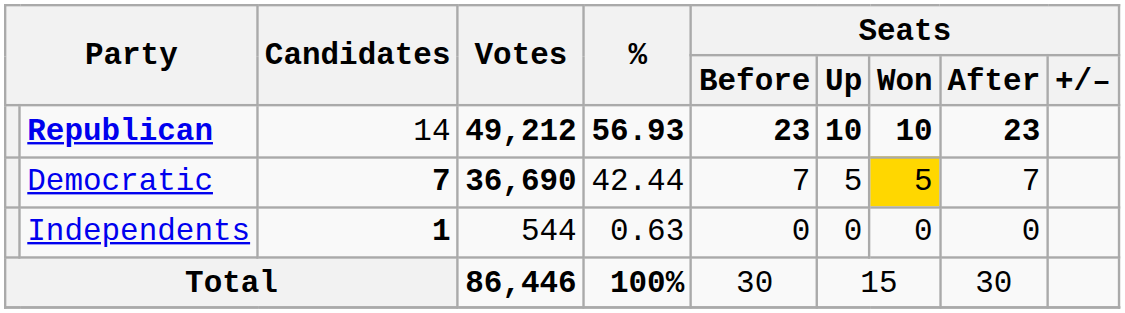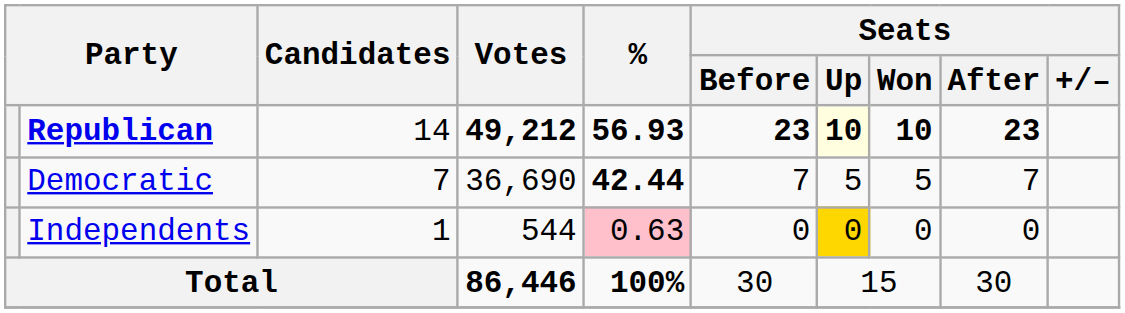 <table class="wikitable">
 <tr>
 <th rowspan="2" colspan="2">Party</th>
 <th rowspan="2">Candidates</th>
 <th rowspan="2">Votes</th>
 <th rowspan="2">%</th>
 <th colspan="5">Seats</th>
 </tr>
 <tr>
 <th>Before<br></th>
 <th>Up</th>
 <th>Won</th>
 <th>After<br></th>
 <th>+/–</th>
 </tr>
 <tr>
 <th style="background-color:"></th>
 <td><strong><a href='#'>Republican</a></strong></td>
 <td align="right">14</td>
 <td align="right"><strong>49,212</strong></td>
 <td align="right"><strong>56.93</strong></td>
 <td align="right"><strong>23</strong></td>
-<td align="right"><strong>10</strong></td>
+<td align="right" style="background: lightyellow;"><strong>10</strong></td>
 <td align="right"><strong>10</strong></td>
 <td align="right"><strong>23</strong></td>
 <td align="right"></td>
 </tr>
 <tr>
 <th style="background-color:"></th>
 <td><a href='#'>Democratic</a></td>
-<td align="right"><strong>7</strong></td>
-<td align="right"><strong>36,690</strong></td>
-<td align="right">42.44</td>
+<td align="right">7</td>
+<td align="right">36,690</td>
+<td align="right"><strong>42.44</strong></td>
 <td align="right">7</td>
 <td align="right">5</td>
-<td align="right" style="background: gold;">5</td>
+<td align="right">5</td>
 <td align="right">7</td>
 <td align="right"></td>
 </tr>
 <tr>
 <th style="background-color:"></th>
 <td><a href='#'>Independents</a></td>
-<td align="right"><strong>1</strong></td>
+<td align="right">1</td>
 <td align="right">544</td>
-<td align="right">0.63</td>
+<td align="right" style="background: pink;">0.63</td>
 <td align="right">0</td>
-<td align="right">0</td>
+<td align="right" style="background: gold;">0</td>
 <td align="right">0</td>
 <td align="right">0</td>
 <td align="right"></td>
 </tr>
 <tr>
 <th colspan="3">Total</th>
 <td align="right"><strong>86,446</strong></td>
 <td align="right"><strong>100%</strong></td>
 <td align="center">30</td>
 <td colspan="2" align="center">15</td>
 <td align="center">30</td>
 <td align="right"></td>
 </tr>
 <tr>
 </tr>
 </table>
